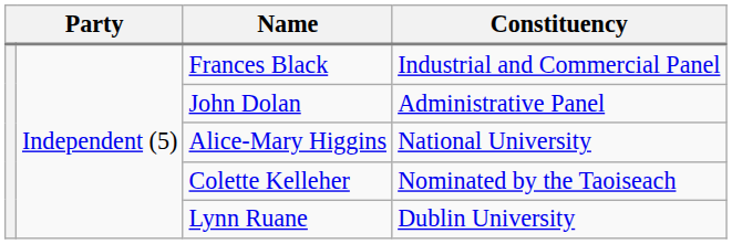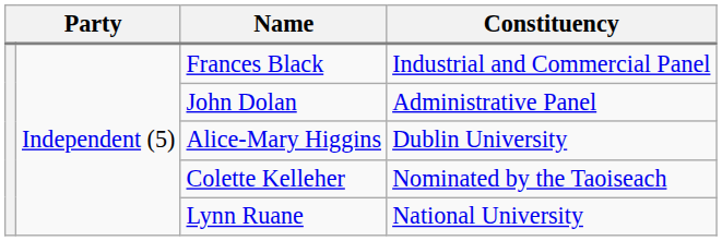 <table class="wikitable">
 <tr style="border-bottom: 2px solid gray;">
 <th colspan=2>Party</th>
 <th>Name</th>
 <th>Constituency</th>
 </tr>
 <tr>
 <th rowspan=5 style="background-color:"></th>
 <td rowspan=5><a href='#'>Independent</a> (5)</td>
 <td><a href='#'>Frances Black</a></td>
 <td><a href='#'>Industrial and Commercial Panel</a></td>
 </tr>
 <tr>
 <td><a href='#'>John Dolan</a></td>
 <td><a href='#'>Administrative Panel</a></td>
 </tr>
 <tr>
 <td><a href='#'>Alice-Mary Higgins</a></td>
-<td><a href='#'>National University</a></td>
+<td><a href='#'>Dublin University</a></td>
 </tr>
 <tr>
 <td><a href='#'>Colette Kelleher</a></td>
 <td><a href='#'>Nominated by the Taoiseach</a></td>
 </tr>
 <tr>
 <td><a href='#'>Lynn Ruane</a></td>
-<td><a href='#'>Dublin University</a></td>
+<td><a href='#'>National University</a></td>
 </tr>
 </table>
